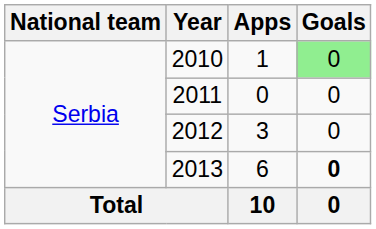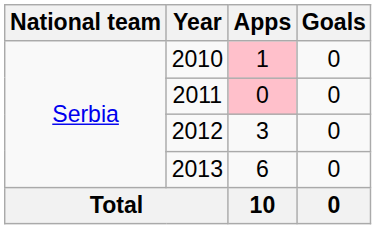 <table class="wikitable" style="text-align:center">
 <tr>
 <th>National team</th>
 <th>Year</th>
 <th>Apps</th>
 <th>Goals</th>
 </tr>
 <tr>
 <td rowspan="4"><a href='#'>Serbia</a></td>
 <td>2010</td>
-<td>1</td>
-<td style="background: lightgreen;">0</td>
+<td style="background: pink;">1</td>
+<td>0</td>
 </tr>
 <tr>
 <td>2011</td>
-<td>0</td>
+<td style="background: pink;">0</td>
 <td>0</td>
 </tr>
 <tr>
 <td>2012</td>
 <td>3</td>
 <td>0</td>
 </tr>
 <tr>
 <td>2013</td>
 <td>6</td>
-<td><strong>0</strong></td>
+<td>0</td>
 </tr>
 <tr>
 <th colspan="2">Total</th>
 <th>10</th>
 <th>0</th>
 </tr>
 </table>
